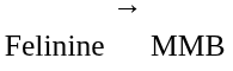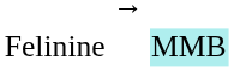 <table style="margin:auto;">
 <tr style="text-align:center; vertical-align:middle;">
 <td><div></div></td>
 <td>→</td>
 <td><div></div></td>
 </tr>
 <tr style="text-align:center; vertical-align:middle;">
 <td>Felinine</td>
 <td></td>
-<td>MMB</td>
+<td style="background: paleturquoise;">MMB</td>
 </tr>
 </table>
